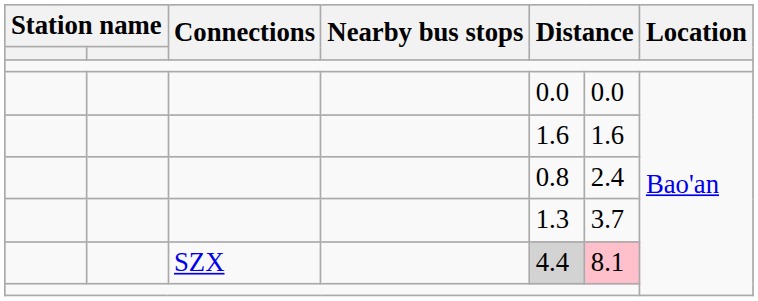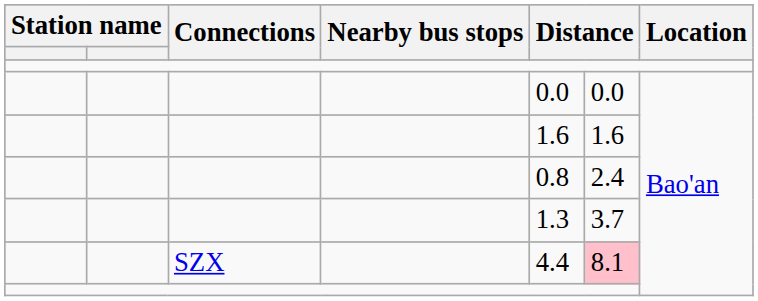 <table class="wikitable">
 <tr>
 <th colspan="2">Station name</th>
 <th rowspan="2">Connections</th>
 <th rowspan="2">Nearby bus stops</th>
 <th colspan="2" rowspan="2">Distance<br></th>
 <th rowspan="2">Location</th>
 </tr>
 <tr>
 <th></th>
 <th></th>
 </tr>
 <tr style="background:#">
 <td colspan="7"></td>
 </tr>
 <tr>
 <td></td>
 <td></td>
 <td></td>
 <td></td>
 <td>0.0</td>
 <td>0.0</td>
 <td rowspan="6"><a href='#'>Bao'an</a></td>
 </tr>
 <tr>
 <td></td>
 <td></td>
 <td></td>
 <td></td>
 <td>1.6</td>
 <td>1.6</td>
 </tr>
 <tr>
 <td></td>
 <td></td>
 <td></td>
 <td></td>
 <td>0.8</td>
 <td>2.4</td>
 </tr>
 <tr>
 <td></td>
 <td></td>
 <td></td>
 <td></td>
 <td>1.3</td>
 <td>3.7</td>
 </tr>
 <tr>
 <td></td>
 <td></td>
 <td>  <a href='#'>SZX</a></td>
 <td></td>
-<td style="background: lightgrey;">4.4</td>
+<td>4.4</td>
 <td style="background: pink;">8.1</td>
 </tr>
 <tr style="background:#">
 <td colspan="7"></td>
 </tr>
 </table>
